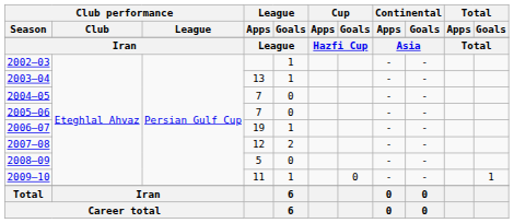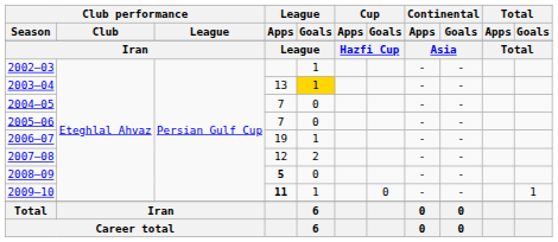 <table class="wikitable" style="text-align:center">
 <tr>
 <th colspan=3>Club performance</th>
 <th colspan=2>League</th>
 <th colspan=2>Cup</th>
 <th colspan=2>Continental</th>
 <th colspan=2>Total</th>
 </tr>
 <tr>
 <th>Season</th>
 <th>Club</th>
 <th>League</th>
 <th>Apps</th>
 <th>Goals</th>
 <th>Apps</th>
 <th>Goals</th>
 <th>Apps</th>
 <th>Goals</th>
 <th>Apps</th>
 <th>Goals</th>
 </tr>
 <tr>
 </tr>
 <tr>
 <th colspan=3>Iran</th>
 <th colspan=2>League</th>
 <th colspan=2><a href='#'>Hazfi Cup</a></th>
 <th colspan=2><a href='#'>Asia</a></th>
 <th colspan=2>Total</th>
 </tr>
 <tr>
 <td><a href='#'>2002–03</a></td>
 <td rowspan="8"><a href='#'>Eteghlal Ahvaz</a></td>
 <td rowspan="8"><a href='#'>Persian Gulf Cup</a></td>
 <td></td>
 <td>1</td>
 <td></td>
 <td></td>
 <td>-</td>
 <td>-</td>
 <td></td>
 <td></td>
 </tr>
 <tr>
 <td><a href='#'>2003–04</a></td>
 <td>13</td>
-<td>1</td>
+<td style="background: gold;">1</td>
 <td></td>
 <td></td>
 <td>-</td>
 <td>-</td>
 <td></td>
 <td></td>
 </tr>
 <tr>
 <td><a href='#'>2004–05</a></td>
 <td>7</td>
 <td>0</td>
 <td></td>
 <td></td>
 <td>-</td>
 <td>-</td>
 <td></td>
 <td></td>
 </tr>
 <tr>
 <td><a href='#'>2005–06</a></td>
 <td>7</td>
 <td>0</td>
 <td></td>
 <td></td>
 <td>-</td>
 <td>-</td>
 <td></td>
 <td></td>
 </tr>
 <tr>
 <td><a href='#'>2006–07</a></td>
 <td>19</td>
 <td>1</td>
 <td></td>
 <td></td>
 <td>-</td>
 <td>-</td>
 <td></td>
 <td></td>
 </tr>
 <tr>
 <td><a href='#'>2007–08</a></td>
 <td>12</td>
 <td>2</td>
 <td></td>
 <td></td>
 <td>-</td>
 <td>-</td>
 <td></td>
 <td></td>
 </tr>
 <tr>
 <td><a href='#'>2008–09</a></td>
-<td>5</td>
+<td><strong>5</strong></td>
 <td>0</td>
 <td></td>
 <td></td>
 <td>-</td>
 <td>-</td>
 <td></td>
 <td></td>
 </tr>
 <tr>
 <td><a href='#'>2009–10</a></td>
-<td>11</td>
+<td><strong>11</strong></td>
 <td>1</td>
 <td></td>
 <td>0</td>
 <td>-</td>
 <td>-</td>
 <td></td>
 <td>1</td>
 </tr>
 <tr>
 </tr>
 <tr>
 <th rowspan=1>Total</th>
 <th colspan=2>Iran</th>
 <th></th>
 <th>6</th>
 <th></th>
 <th></th>
 <th>0</th>
 <th>0</th>
 <th></th>
 <th></th>
 </tr>
 <tr>
 <th colspan=3>Career total</th>
 <th></th>
 <th>6</th>
 <th></th>
 <th></th>
 <th>0</th>
 <th>0</th>
 <th></th>
 <th></th>
 </tr>
 </table>
